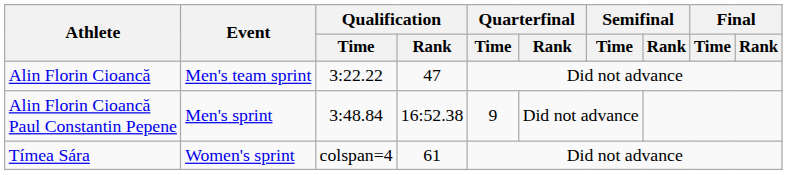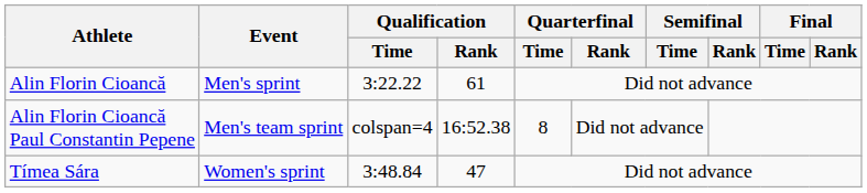 <table class="wikitable" style="font-size:90%">
 <tr>
 <th rowspan="2">Athlete</th>
 <th rowspan="2">Event</th>
 <th colspan="2">Qualification</th>
 <th colspan="2">Quarterfinal</th>
 <th colspan="2">Semifinal</th>
 <th colspan="2">Final</th>
 </tr>
 <tr style="font-size:95%">
 <th>Time</th>
 <th>Rank</th>
 <th>Time</th>
 <th>Rank</th>
 <th>Time</th>
 <th>Rank</th>
 <th>Time</th>
 <th>Rank</th>
 </tr>
 <tr align=center>
 <td align=left><a href='#'>Alin Florin Cioancă</a></td>
-<td align=left><a href='#'>Men's team sprint</a></td>
+<td align=left><a href='#'>Men's sprint</a></td>
 <td>3:22.22</td>
-<td>47</td>
+<td>61</td>
 <td colspan=6>Did not advance</td>
 </tr>
 <tr align=center>
 <td align=left><a href='#'>Alin Florin Cioancă</a><br><a href='#'>Paul Constantin Pepene</a></td>
-<td align=left><a href='#'>Men's sprint</a></td>
-<td>3:48.84</td>
+<td align=left><a href='#'>Men's team sprint</a></td>
+<td>colspan=4 </td>
 <td>16:52.38</td>
-<td>9</td>
+<td>8</td>
 <td colspan=2>Did not advance</td>
 </tr>
 <tr align=center>
 <td align=left><a href='#'>Tímea Sára</a></td>
 <td align=left><a href='#'>Women's sprint</a></td>
-<td>colspan=4 </td>
-<td>61</td>
+<td>3:48.84</td>
+<td>47</td>
 <td colspan=6>Did not advance</td>
 </tr>
 </table>
